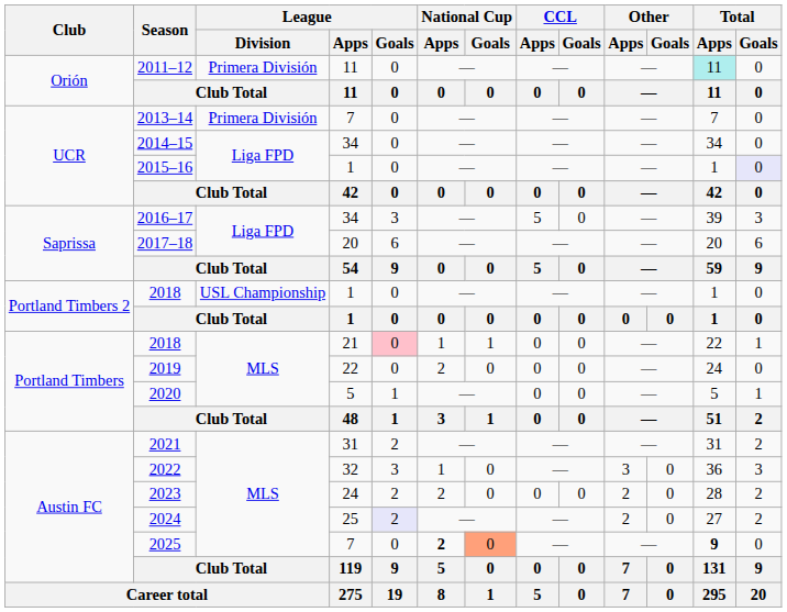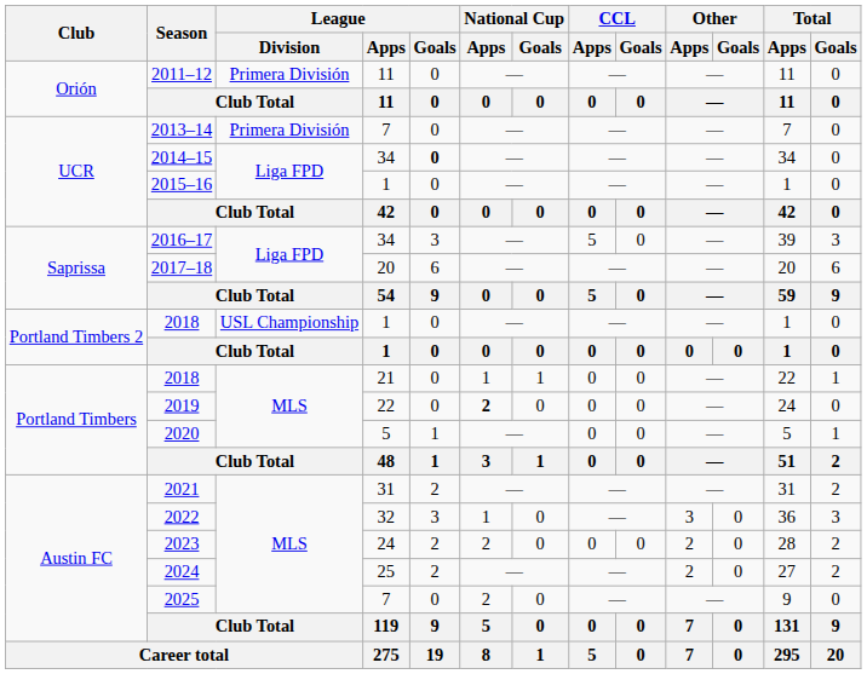 <table class="wikitable" style="text-align:center">
 <tr>
 <th rowspan="2">Club</th>
 <th rowspan="2">Season</th>
 <th colspan="3">League</th>
 <th colspan="2">National Cup</th>
 <th colspan="2"><a href='#'>CCL</a></th>
 <th colspan="2">Other</th>
 <th colspan="2">Total</th>
 </tr>
 <tr>
 <th>Division</th>
 <th>Apps</th>
 <th>Goals</th>
 <th>Apps</th>
 <th>Goals</th>
 <th>Apps</th>
 <th>Goals</th>
 <th>Apps</th>
 <th>Goals</th>
 <th>Apps</th>
 <th>Goals</th>
 </tr>
 <tr>
 <td rowspan=2><a href='#'>Orión</a></td>
 <td><a href='#'>2011–12</a></td>
 <td><a href='#'>Primera División</a></td>
 <td>11</td>
 <td>0</td>
 <td colspan="2">—</td>
 <td colspan="2">—</td>
 <td colspan="2">—</td>
-<td style="background: paleturquoise;">11</td>
+<td>11</td>
 <td>0</td>
 </tr>
 <tr>
 <th colspan=2>Club Total</th>
 <th>11</th>
 <th>0</th>
 <th>0</th>
 <th>0</th>
 <th>0</th>
 <th>0</th>
 <th colspan="2">—</th>
 <th>11</th>
 <th>0</th>
 </tr>
 <tr>
 <td rowspan="4"><a href='#'>UCR</a></td>
 <td><a href='#'>2013–14</a></td>
 <td><a href='#'>Primera División</a></td>
 <td>7</td>
 <td>0</td>
 <td colspan="2">—</td>
 <td colspan="2">—</td>
 <td colspan="2">—</td>
 <td>7</td>
 <td>0</td>
 </tr>
 <tr>
 <td><a href='#'>2014–15</a></td>
 <td rowspan=2><a href='#'>Liga FPD</a></td>
 <td>34</td>
-<td>0</td>
+<td><strong>0</strong></td>
 <td colspan="2">—</td>
 <td colspan="2">—</td>
 <td colspan="2">—</td>
 <td>34</td>
 <td>0</td>
 </tr>
 <tr>
 <td><a href='#'>2015–16</a></td>
 <td>1</td>
 <td>0</td>
 <td colspan="2">—</td>
 <td colspan="2">—</td>
 <td colspan="2">—</td>
 <td>1</td>
-<td style="background: lavender;">0</td>
+<td>0</td>
 </tr>
 <tr>
 <th colspan="2">Club Total</th>
 <th>42</th>
 <th>0</th>
 <th>0</th>
 <th>0</th>
 <th>0</th>
 <th>0</th>
 <th colspan="2">—</th>
 <th>42</th>
 <th>0</th>
 </tr>
 <tr>
 <td rowspan="3"><a href='#'>Saprissa</a></td>
 <td><a href='#'>2016–17</a></td>
 <td rowspan=2><a href='#'>Liga FPD</a></td>
 <td>34</td>
 <td>3</td>
 <td colspan="2">—</td>
 <td>5</td>
 <td>0</td>
 <td colspan="2">—</td>
 <td>39</td>
 <td>3</td>
 </tr>
 <tr>
 <td><a href='#'>2017–18</a></td>
 <td>20</td>
 <td>6</td>
 <td colspan="2">—</td>
 <td colspan="2">—</td>
 <td colspan="2">—</td>
 <td>20</td>
 <td>6</td>
 </tr>
 <tr>
 <th colspan="2">Club Total</th>
 <th>54</th>
 <th>9</th>
 <th>0</th>
 <th>0</th>
 <th>5</th>
 <th>0</th>
 <th colspan="2">—</th>
 <th>59</th>
 <th>9</th>
 </tr>
 <tr>
 <td rowspan=2><a href='#'>Portland Timbers 2</a></td>
 <td><a href='#'>2018</a></td>
 <td><a href='#'>USL Championship</a></td>
 <td>1</td>
 <td>0</td>
 <td colspan="2">—</td>
 <td colspan="2">—</td>
 <td colspan="2">—</td>
 <td>1</td>
 <td>0</td>
 </tr>
 <tr>
 <th colspan=2>Club Total</th>
 <th>1</th>
 <th>0</th>
 <th>0</th>
 <th>0</th>
 <th>0</th>
 <th>0</th>
 <th>0</th>
 <th>0</th>
 <th>1</th>
 <th>0</th>
 </tr>
 <tr>
 <td rowspan="4"><a href='#'>Portland Timbers</a></td>
 <td><a href='#'>2018</a></td>
 <td rowspan=3><a href='#'>MLS</a></td>
 <td>21</td>
-<td style="background: pink;">0</td>
+<td>0</td>
 <td>1</td>
 <td>1</td>
 <td>0</td>
 <td>0</td>
 <td colspan="2">—</td>
 <td>22</td>
 <td>1</td>
 </tr>
 <tr>
 <td><a href='#'>2019</a></td>
 <td>22</td>
 <td>0</td>
-<td>2</td>
+<td><strong>2</strong></td>
 <td>0</td>
 <td>0</td>
 <td>0</td>
 <td colspan="2">—</td>
 <td>24</td>
 <td>0</td>
 </tr>
 <tr>
 <td><a href='#'>2020</a></td>
 <td>5</td>
 <td>1</td>
 <td colspan="2">—</td>
 <td>0</td>
 <td>0</td>
 <td colspan="2">—</td>
 <td>5</td>
 <td>1</td>
 </tr>
 <tr>
 <th colspan="2">Club Total</th>
 <th>48</th>
 <th>1</th>
 <th>3</th>
 <th>1</th>
 <th>0</th>
 <th>0</th>
 <th colspan="2">—</th>
 <th>51</th>
 <th>2</th>
 </tr>
 <tr>
 <td rowspan=6><a href='#'>Austin FC</a></td>
 <td><a href='#'>2021</a></td>
 <td rowspan=5><a href='#'>MLS</a></td>
 <td>31</td>
 <td>2</td>
 <td colspan=2>—</td>
 <td colspan=2>—</td>
 <td colspan="2">—</td>
 <td>31</td>
 <td>2</td>
 </tr>
 <tr>
 <td><a href='#'>2022</a></td>
 <td>32</td>
 <td>3</td>
 <td>1</td>
 <td>0</td>
 <td colspan="2">—</td>
 <td>3</td>
 <td>0</td>
 <td>36</td>
 <td>3</td>
 </tr>
 <tr>
 <td><a href='#'>2023</a></td>
 <td>24</td>
 <td>2</td>
 <td>2</td>
 <td>0</td>
 <td>0</td>
 <td>0</td>
 <td>2</td>
 <td>0</td>
 <td>28</td>
 <td>2</td>
 </tr>
 <tr>
 <td><a href='#'>2024</a></td>
 <td>25</td>
-<td style="background: lavender;">2</td>
+<td>2</td>
 <td colspan=2>—</td>
 <td colspan=2>—</td>
 <td>2</td>
 <td>0</td>
 <td>27</td>
 <td>2</td>
 </tr>
 <tr>
 <td><a href='#'>2025</a></td>
 <td>7</td>
 <td>0</td>
-<td><strong>2</strong></td>
-<td style="background: lightsalmon;">0</td>
+<td>2</td>
+<td>0</td>
 <td colspan=2>—</td>
 <td colspan=2>—</td>
-<td><strong>9</strong></td>
+<td>9</td>
 <td>0</td>
 </tr>
 <tr>
 <th colspan=2>Club Total</th>
 <th>119</th>
 <th>9</th>
 <th>5</th>
 <th>0</th>
 <th>0</th>
 <th>0</th>
 <th>7</th>
 <th>0</th>
 <th>131</th>
 <th>9</th>
 </tr>
 <tr>
 <th colspan="3">Career total</th>
 <th>275</th>
 <th>19</th>
 <th>8</th>
 <th>1</th>
 <th>5</th>
 <th>0</th>
 <th>7</th>
 <th>0</th>
 <th>295</th>
 <th>20</th>
 </tr>
 </table>
